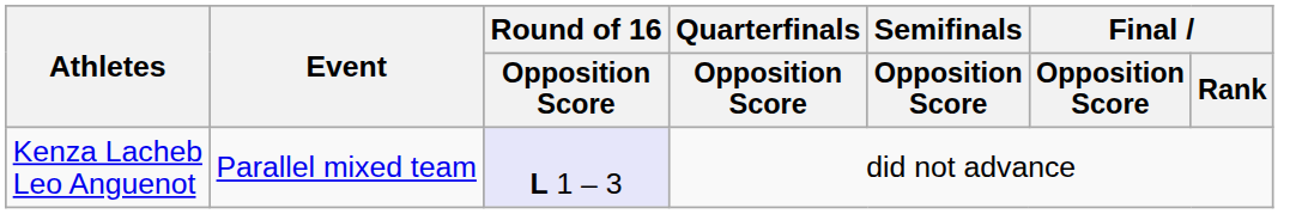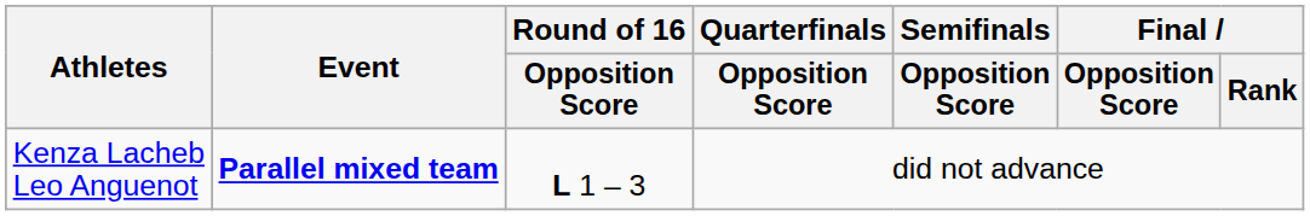 <table class="wikitable" style="font-size:90%">
 <tr>
 <th rowspan="2">Athletes</th>
 <th rowspan="2">Event</th>
 <th>Round of 16</th>
 <th>Quarterfinals</th>
 <th>Semifinals</th>
 <th colspan="2">Final / </th>
 </tr>
 <tr style="font-size:95%">
 <th>Opposition<br>Score</th>
 <th>Opposition<br>Score</th>
 <th>Opposition<br>Score</th>
 <th>Opposition<br>Score</th>
 <th>Rank</th>
 </tr>
 <tr align=center>
 <td align=left><a href='#'>Kenza Lacheb</a><br><a href='#'>Leo Anguenot</a></td>
-<td align=left><a href='#'>Parallel mixed team</a></td>
-<td style="background: lavender;"><br><strong>L</strong> 1 – 3</td>
+<td align=left><strong><a href='#'>Parallel mixed team</a></strong></td>
+<td><br><strong>L</strong> 1 – 3</td>
 <td colspan=4>did not advance</td>
 </tr>
 </table>
